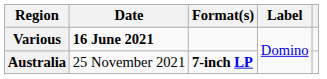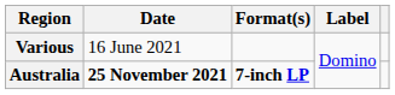 <table class="wikitable plainrowheaders" style=text-align:"center;">
 <tr>
 <th scope="col">Region</th>
 <th scope="col">Date</th>
 <th scope="col">Format(s)</th>
 <th scope="col">Label</th>
 <th scope="col"></th>
 </tr>
 <tr>
 <th scope="row">Various</th>
-<td><strong>16 June 2021</strong></td>
+<td>16 June 2021</td>
 <td></td>
 <td rowspan="2"><a href='#'>Domino</a></td>
 <td></td>
 </tr>
 <tr>
 <th scope="row">Australia</th>
-<td>25 November 2021</td>
+<td><strong>25 November 2021</strong></td>
 <td><strong>7-inch <a href='#'>LP</a></strong></td>
 <td></td>
 </tr>
 </table>
